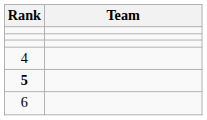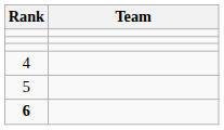 <table class="wikitable">
 <tr>
 <th>Rank</th>
 <th width=170>Team</th>
 </tr>
 <tr>
 <td align=center></td>
 <td></td>
 </tr>
 <tr>
 <td align=center></td>
 <td></td>
 </tr>
 <tr>
 <td align=center></td>
 <td></td>
 </tr>
 <tr>
 <td align=center>4</td>
 <td></td>
 </tr>
 <tr>
-<td align=center><strong>5</strong></td>
+<td align=center>5</td>
 <td></td>
 </tr>
 <tr>
-<td align=center>6</td>
+<td align=center><strong>6</strong></td>
 <td></td>
 </tr>
 </table>
